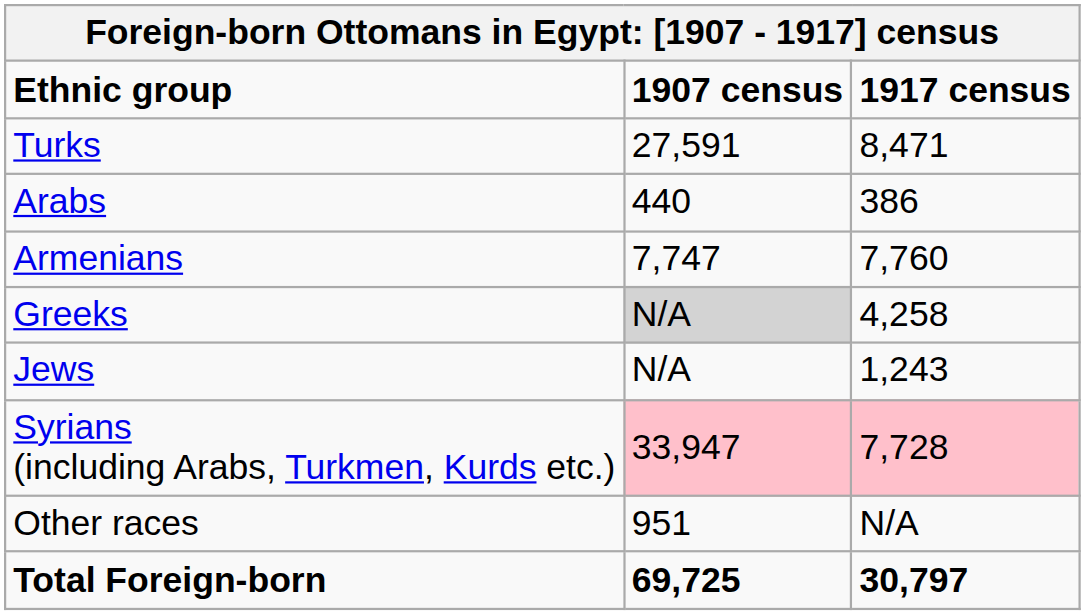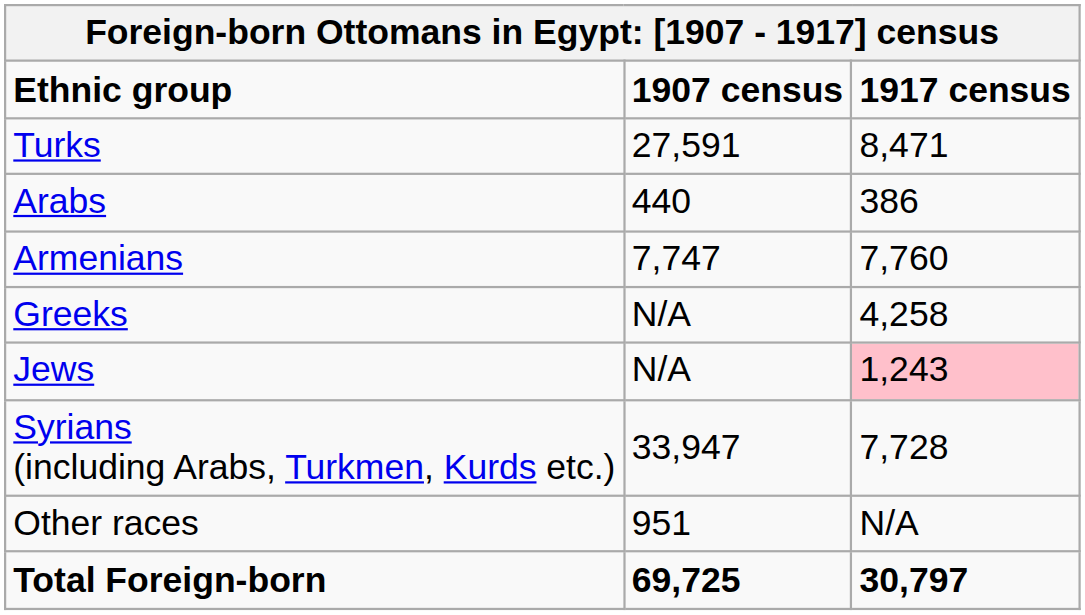 <table class="wikitable">
 <tr>
 <th colspan="3"><strong>Foreign-born Ottomans in Egypt: [1907 - 1917] census</strong></th>
 </tr>
 <tr>
 <td><strong>Ethnic group</strong></td>
 <td><strong>1907 census</strong></td>
 <td><strong>1917 census</strong></td>
 </tr>
 <tr>
 <td><a href='#'>Turks</a></td>
 <td>27,591</td>
 <td>8,471</td>
 </tr>
 <tr>
 <td><a href='#'>Arabs</a></td>
 <td>440</td>
 <td>386</td>
 </tr>
 <tr>
 <td><a href='#'>Armenians</a></td>
 <td>7,747</td>
 <td>7,760</td>
 </tr>
 <tr>
 <td><a href='#'>Greeks</a></td>
-<td style="background: lightgrey;">N/A</td>
+<td>N/A</td>
 <td>4,258</td>
 </tr>
 <tr>
 <td><a href='#'>Jews</a></td>
 <td>N/A</td>
-<td>1,243</td>
+<td style="background: pink;">1,243</td>
 </tr>
 <tr>
 <td><a href='#'>Syrians</a> <br> (including Arabs, <a href='#'>Turkmen</a>, <a href='#'>Kurds</a> etc.)</td>
-<td style="background: pink;">33,947</td>
-<td style="background: pink;">7,728</td>
+<td>33,947</td>
+<td>7,728</td>
 </tr>
 <tr>
 <td>Other races</td>
 <td>951</td>
 <td>N/A</td>
 </tr>
 <tr>
 <td><strong>Total Foreign-born</strong></td>
 <td><strong>69,725</strong></td>
 <td><strong>30,797</strong></td>
 </tr>
 </table>
